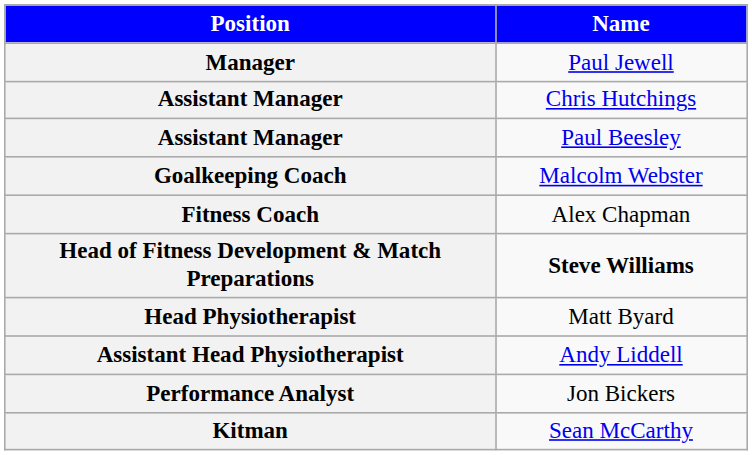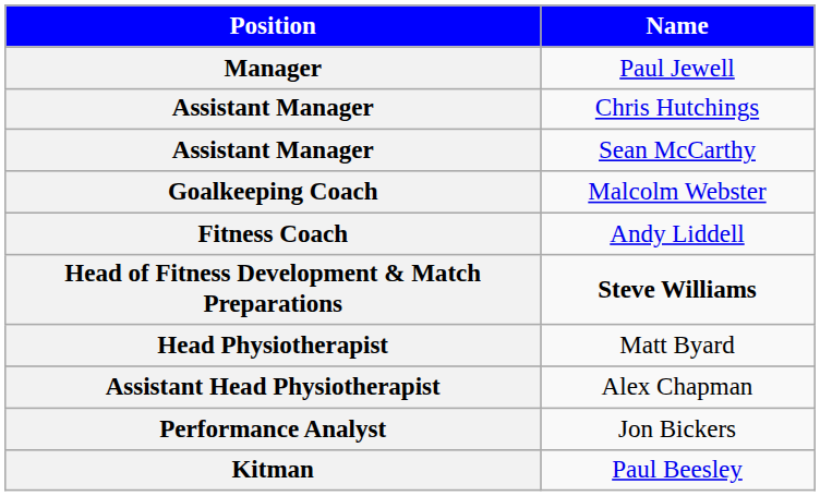 <table class="wikitable"  style="text-align:center; font-size:90%; ">
 <tr>
 <th style="background:blue; color:white; width:300px;">Position</th>
 <th style="background:blue; color:white; width:150px;">Name</th>
 </tr>
 <tr>
 <th scope=row>Manager</th>
 <td> <a href='#'>Paul Jewell</a></td>
 </tr>
 <tr>
 <th scope=row>Assistant Manager</th>
 <td> <a href='#'>Chris Hutchings</a></td>
 </tr>
 <tr>
 <th scope=row>Assistant Manager</th>
-<td> <a href='#'>Paul Beesley</a></td>
+<td> <a href='#'>Sean McCarthy</a></td>
 </tr>
 <tr>
 <th scope=row>Goalkeeping Coach</th>
 <td> <a href='#'>Malcolm Webster</a></td>
 </tr>
 <tr>
 <th scope=row>Fitness Coach</th>
-<td> Alex Chapman</td>
+<td> <a href='#'>Andy Liddell</a></td>
 </tr>
 <tr>
 <th scope=row>Head of Fitness Development & Match Preparations</th>
 <td><strong> Steve Williams</strong></td>
 </tr>
 <tr>
 <th scope=row>Head Physiotherapist</th>
 <td> Matt Byard</td>
 </tr>
 <tr>
 <th scope=row>Assistant Head Physiotherapist</th>
-<td> <a href='#'>Andy Liddell</a></td>
+<td> Alex Chapman</td>
 </tr>
 <tr>
 <th scope=row>Performance Analyst</th>
 <td> Jon Bickers</td>
 </tr>
 <tr>
 <th scope=row>Kitman</th>
-<td> <a href='#'>Sean McCarthy</a></td>
+<td> <a href='#'>Paul Beesley</a></td>
 </tr>
 </table>
